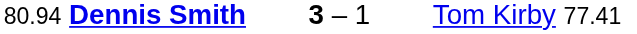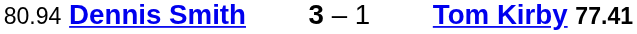 <table style="text-align:center">
 <tr>
 <th width=223></th>
 <th width=100></th>
 <th width=223></th>
 </tr>
 <tr>
 <td align=right><small>80.94</small> <strong><a href='#'>Dennis Smith</a></strong> </td>
 <td><strong>3</strong> – 1</td>
-<td align=left> <a href='#'>Tom Kirby</a> <small>77.41</small></td>
+<td align=left><strong> <a href='#'>Tom Kirby</a> <small>77.41</small></strong></td>
 </tr>
 </table>
